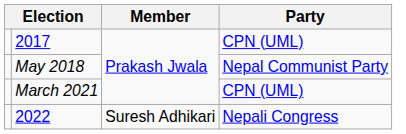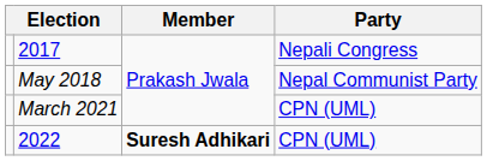 <table class="wikitable">
 <tr>
 <th colspan="2">Election</th>
 <th>Member</th>
 <th>Party</th>
 </tr>
 <tr>
 <td style="color:inherit;background:"></td>
 <td><a href='#'>2017</a></td>
 <td rowspan="3"><a href='#'>Prakash Jwala</a></td>
-<td><a href='#'>CPN (UML)</a></td>
+<td><a href='#'>Nepali Congress</a></td>
 </tr>
 <tr>
 <td style="color:inherit;background:"></td>
 <td><em>May 2018</em></td>
 <td><a href='#'>Nepal Communist Party</a></td>
 </tr>
 <tr>
 <td style="color:inherit;background:"></td>
 <td><em>March 2021</em></td>
 <td><a href='#'>CPN (UML)</a></td>
 </tr>
 <tr>
 <td style="color:inherit;background-color:"></td>
 <td><a href='#'>2022</a></td>
-<td>Suresh Adhikari</td>
-<td><a href='#'>Nepali Congress</a></td>
+<td><strong>Suresh Adhikari</strong></td>
+<td><a href='#'>CPN (UML)</a></td>
 </tr>
 </table>
